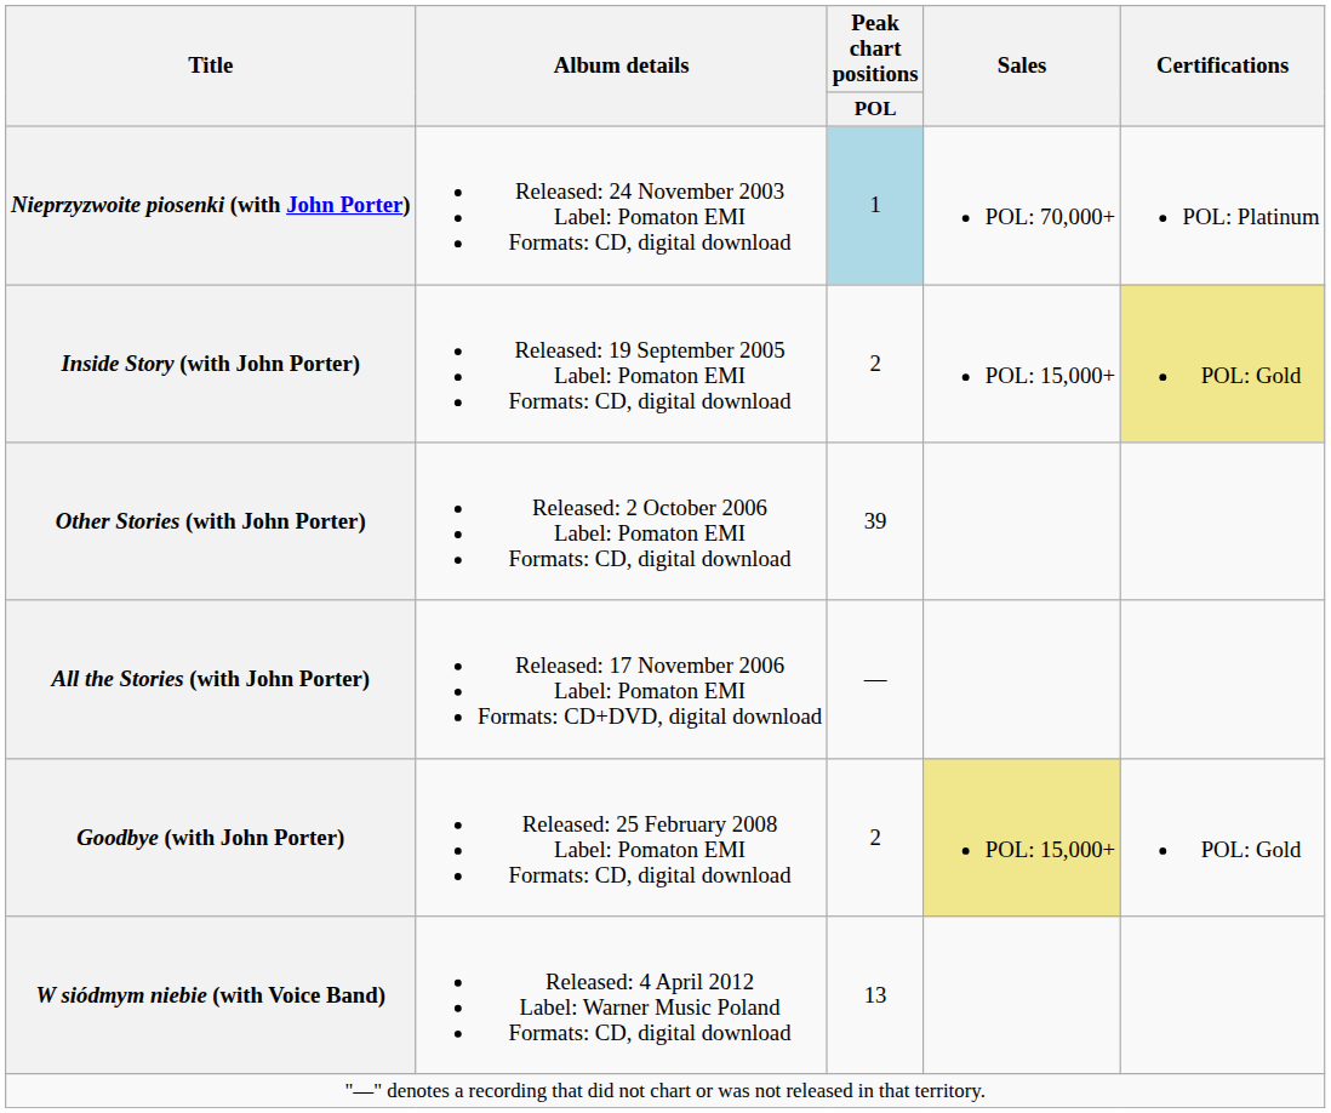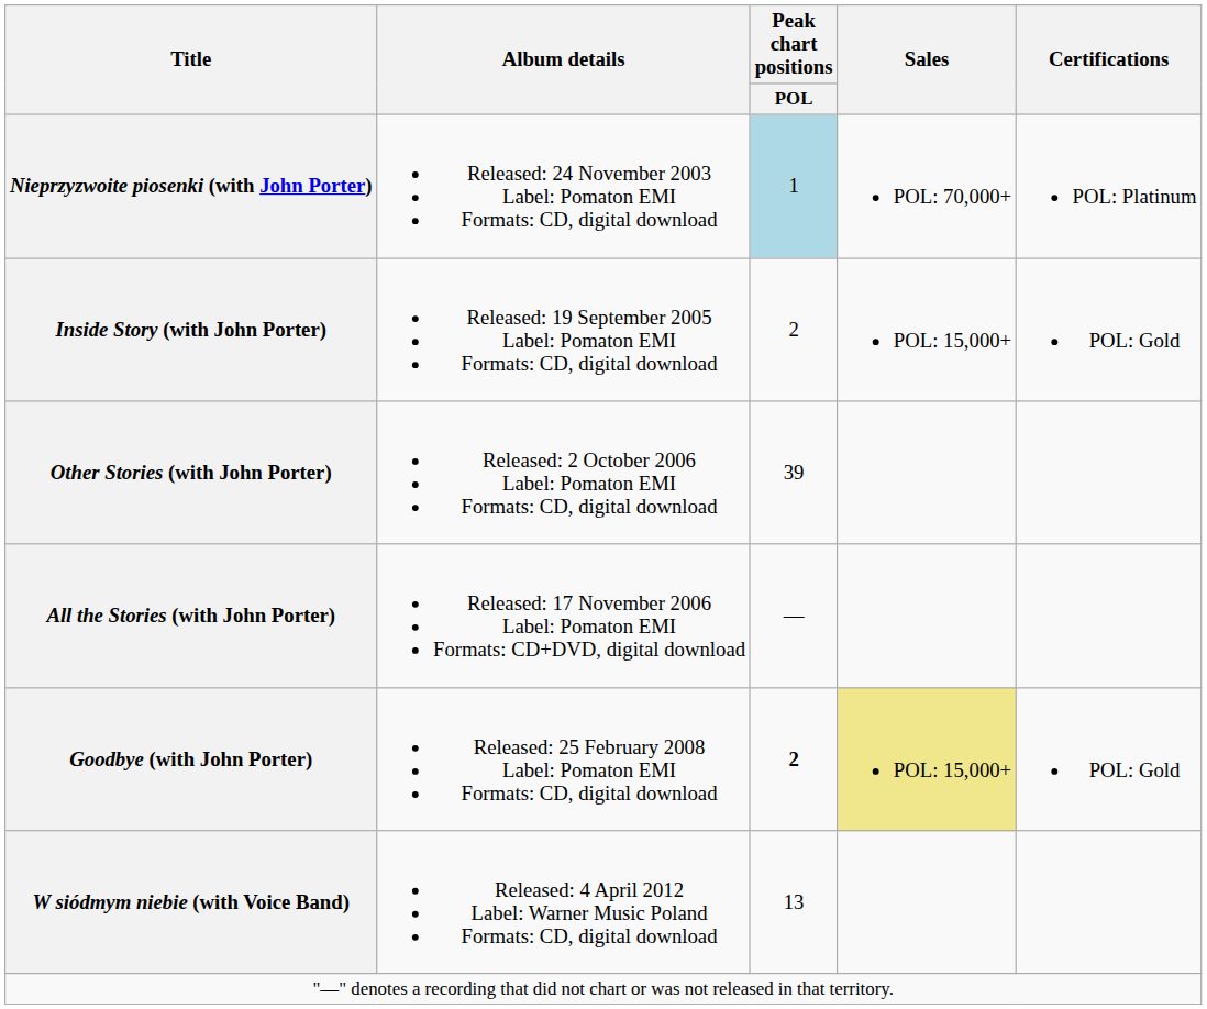 <table class="wikitable plainrowheaders" style="text-align:center;">
 <tr>
 <th scope="col" rowspan="2">Title</th>
 <th scope="col" rowspan="2">Album details</th>
 <th scope="col" colspan="1">Peak chart positions</th>
 <th scope="col" rowspan="2">Sales</th>
 <th scope="col" rowspan="2">Certifications</th>
 </tr>
 <tr>
 <th scope="col" style="width:3em;font-size:90%;">POL<br></th>
 </tr>
 <tr>
 <th scope="row"><em>Nieprzyzwoite piosenki</em> (with <a href='#'>John Porter</a>)</th>
 <td><br><ul><li>Released: 24 November 2003</li><li>Label: Pomaton EMI</li><li>Formats: CD, digital download</li></ul></td>
 <td style="background: lightblue;">1</td>
 <td><br><ul><li>POL: 70,000+</li></ul></td>
 <td><br><ul><li>POL: Platinum</li></ul></td>
 </tr>
 <tr>
 <th scope="row"><em>Inside Story</em> (with John Porter)</th>
 <td><br><ul><li>Released: 19 September 2005</li><li>Label: Pomaton EMI</li><li>Formats: CD, digital download</li></ul></td>
 <td>2</td>
 <td><br><ul><li>POL: 15,000+</li></ul></td>
-<td style="background: khaki;"><br><ul><li>POL: Gold</li></ul></td>
+<td><br><ul><li>POL: Gold</li></ul></td>
 </tr>
 <tr>
 <th scope="row"><em>Other Stories</em> (with John Porter)</th>
 <td><br><ul><li>Released: 2 October 2006</li><li>Label: Pomaton EMI</li><li>Formats: CD, digital download</li></ul></td>
 <td>39</td>
 <td></td>
 <td></td>
 </tr>
 <tr>
 <th scope="row"><em>All the Stories</em> (with John Porter)</th>
 <td><br><ul><li>Released: 17 November 2006</li><li>Label: Pomaton EMI</li><li>Formats: CD+DVD, digital download</li></ul></td>
 <td>—</td>
 <td></td>
 <td></td>
 </tr>
 <tr>
 <th scope="row"><em>Goodbye</em> (with John Porter)</th>
 <td><br><ul><li>Released: 25 February 2008</li><li>Label: Pomaton EMI</li><li>Formats: CD, digital download</li></ul></td>
-<td>2</td>
+<td><strong>2</strong></td>
 <td style="background: khaki;"><br><ul><li>POL: 15,000+</li></ul></td>
 <td><br><ul><li>POL: Gold</li></ul></td>
 </tr>
 <tr>
 <th scope="row"><em>W siódmym niebie</em> (with Voice Band)</th>
 <td><br><ul><li>Released: 4 April 2012</li><li>Label: Warner Music Poland</li><li>Formats: CD, digital download</li></ul></td>
 <td>13</td>
 <td></td>
 <td></td>
 </tr>
 <tr>
 <td colspan="20" style="font-size:90%">"—" denotes a recording that did not chart or was not released in that territory.</td>
 </tr>
 </table>
